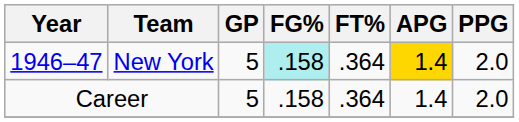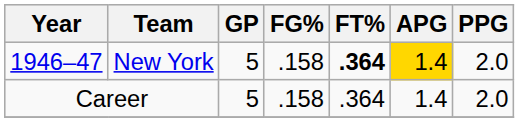 <table class="wikitable sortable" style="font-size:95%; text-align:right;">
 <tr>
 <th>Year</th>
 <th>Team</th>
 <th>GP</th>
 <th>FG%</th>
 <th>FT%</th>
 <th>APG</th>
 <th>PPG</th>
 </tr>
 <tr>
 <td style="text-align:left;"><a href='#'>1946–47</a></td>
 <td style="text-align:left;"><a href='#'>New York</a></td>
 <td>5</td>
-<td style="background: paleturquoise;">.158</td>
-<td>.364</td>
+<td>.158</td>
+<td><strong>.364</strong></td>
 <td style="background: gold;">1.4</td>
 <td>2.0</td>
 </tr>
 <tr>
 <td style="text-align:center;" colspan="2">Career</td>
 <td>5</td>
 <td>.158</td>
 <td>.364</td>
 <td>1.4</td>
 <td>2.0</td>
 </tr>
 <tr>
 </tr>
 </table>
